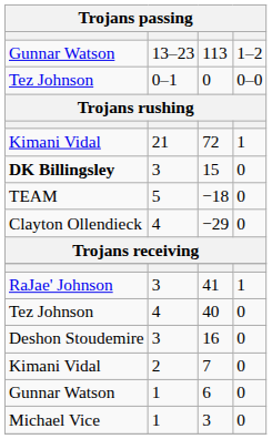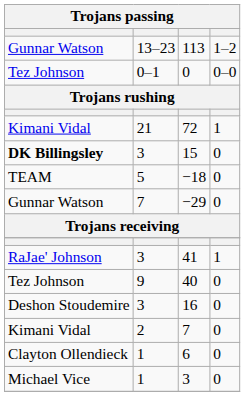 <table class="wikitable plainrowheaders">
 <tr>
 <th colspan="6">Trojans passing</th>
 </tr>
 <tr>
 <th scope="col"></th>
 <th scope="col"></th>
 <th scope="col"></th>
 <th scope="col"></th>
 </tr>
 <tr>
 <td><a href='#'>Gunnar Watson</a></td>
 <td>13–23</td>
 <td>113</td>
 <td>1–2</td>
 </tr>
 <tr>
 <td><a href='#'>Tez Johnson</a></td>
 <td>0–1</td>
 <td>0</td>
 <td>0–0</td>
 </tr>
 <tr>
 <th colspan="6">Trojans rushing</th>
 </tr>
 <tr>
 <th scope="col"></th>
 <th scope="col"></th>
 <th scope="col"></th>
 <th scope="col"></th>
 </tr>
 <tr>
 <td><a href='#'>Kimani Vidal</a></td>
 <td>21</td>
 <td>72</td>
 <td>1</td>
 </tr>
 <tr>
 <td><strong>DK Billingsley</strong></td>
 <td>3</td>
 <td>15</td>
 <td>0</td>
 </tr>
 <tr>
 <td>TEAM</td>
 <td>5</td>
 <td>−18</td>
 <td>0</td>
 </tr>
 <tr>
-<td>Clayton Ollendieck</td>
-<td>4</td>
+<td>Gunnar Watson</td>
+<td>7</td>
 <td>−29</td>
 <td>0</td>
 </tr>
 <tr>
 <th colspan="6">Trojans receiving</th>
 </tr>
 <tr>
 </tr>
 <tr>
 <th scope="col"></th>
 <th scope="col"></th>
 <th scope="col"></th>
 <th scope="col"></th>
 </tr>
 <tr>
 <td><a href='#'>RaJae' Johnson</a></td>
 <td>3</td>
 <td>41</td>
 <td>1</td>
 </tr>
 <tr>
 <td>Tez Johnson</td>
-<td>4</td>
+<td>9</td>
 <td>40</td>
 <td>0</td>
 </tr>
 <tr>
 <td>Deshon Stoudemire</td>
 <td>3</td>
 <td>16</td>
 <td>0</td>
 </tr>
 <tr>
 <td>Kimani Vidal</td>
 <td>2</td>
 <td>7</td>
 <td>0</td>
 </tr>
 <tr>
-<td>Gunnar Watson</td>
+<td>Clayton Ollendieck</td>
 <td>1</td>
 <td>6</td>
 <td>0</td>
 </tr>
 <tr>
 <td>Michael Vice</td>
 <td>1</td>
 <td>3</td>
 <td>0</td>
 </tr>
 <tr>
 </tr>
 </table>
